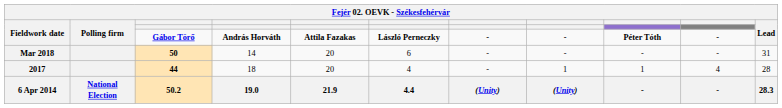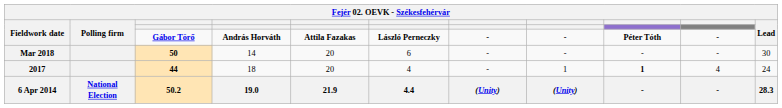 <table class="wikitable mw-collapsible mw-collapsed" style="text-align:center">
 <tr>
 <th colspan="11" style="width: 980pt;"><small><a href='#'>Fejér</a> 02. OEVK - <a href='#'>Székesfehérvár</a></small></th>
 </tr>
 <tr>
 <th rowspan="3" style="width: 80pt;"><small>Fieldwork</small> <small>date</small></th>
 <th rowspan="3" style="width: 80pt;"><strong><small>Polling</small> <small>firm</small></strong></th>
 <th style="width: 100pt;"><small></small></th>
 <th style="width: 100pt;"><small> </small></th>
 <th style="width: 100pt;"></th>
 <th style="width: 100pt;"></th>
 <th style="width: 100pt;"></th>
 <th style="width: 100pt;"></th>
 <th style="width: 100pt;"></th>
 <th style="width: 100pt;"></th>
 <th rowspan="3" style="width: 20pt;"><small>Lead</small></th>
 </tr>
 <tr>
 <th style="color:inherit;background:"></th>
 <th style="color:inherit;background:"></th>
 <th style="color:inherit;background:"></th>
 <th style="color:inherit;background:"></th>
 <th style="color:inherit;background:"></th>
 <th style="color:inherit;background:"></th>
 <th style="color:inherit;background:#8E6FCE;"></th>
 <th style="color:inherit;background:#808080;"></th>
 </tr>
 <tr>
 <td><a href='#'><small><strong>Gábor Törő</strong></small></a></td>
 <td><small><strong>András Horváth</strong></small></td>
 <td><small><strong>Attila Fazakas</strong></small></td>
 <td><small><strong>László Perneczky</strong></small></td>
 <td><small><strong>-</strong></small></td>
 <td><small><strong>-</strong></small></td>
 <td><small><strong>Péter Tóth</strong></small></td>
 <td><small><strong>-</strong></small></td>
 </tr>
 <tr>
 <th><small>Mar 2018</small></th>
 <th><small></small></th>
 <td style="background:#FFE5B4"><small><strong>50</strong></small></td>
 <td><small>14</small></td>
 <td><small>20</small></td>
 <td><small>6</small></td>
 <td><small>-</small></td>
 <td><small>-</small></td>
 <td><small>-</small></td>
 <td><small>-</small></td>
-<td style="background:"><small>31</small></td>
+<td style="background:"><small>30</small></td>
 </tr>
 <tr>
 <th><small>2017</small></th>
 <th><small></small></th>
 <td style="background:#FFE5B4"><small><strong>44</strong></small></td>
 <td><small>18</small></td>
 <td><small>20</small></td>
 <td><small>4</small></td>
 <td><small>-</small></td>
 <td><small>1</small></td>
-<td><small>1</small></td>
+<td><strong><small>1</small></strong></td>
 <td><small>4</small></td>
-<td style="background:"><small>28</small></td>
+<td style="background:"><small>24</small></td>
 </tr>
 <tr>
 <th><small>6 Apr 2014</small></th>
 <th><a href='#'><small>National Election</small></a></th>
 <th style="background:#FFE5B4"><small><strong>50.2</strong></small></th>
 <th><small>19.0</small></th>
 <th><small>21.9</small></th>
 <th><small>4.4</small></th>
 <th><small><em>(<a href='#'>Unity</a>)</em></small></th>
 <th><small><em>(<a href='#'>Unity</a>)</em></small></th>
 <th><small>-</small></th>
 <th><small>-</small></th>
 <th style="background:"><small>28.3</small></th>
 </tr>
 </table>
